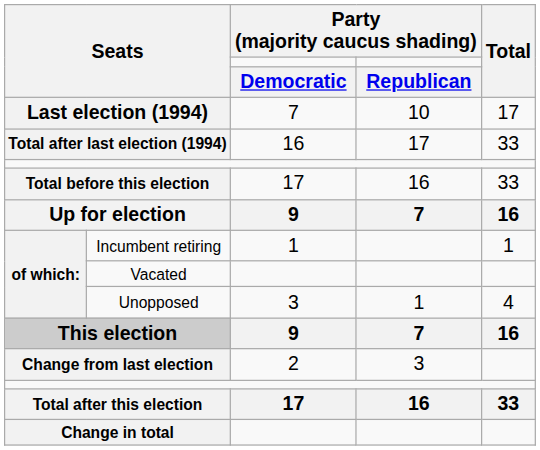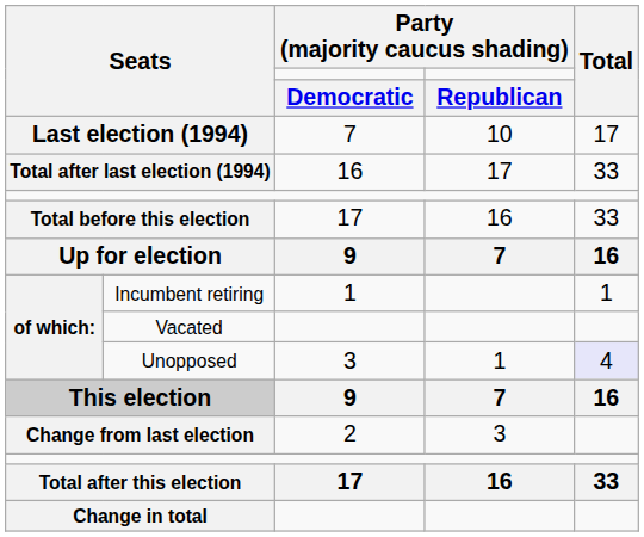 <table class="wikitable" style="text-align:center">
 <tr>
 <th colspan="2" rowspan="3">Seats</th>
 <th colspan="2">Party<div>(majority caucus shading)</div></th>
 <th rowspan="3">Total</th>
 </tr>
 <tr style="height:5px">
 <td style="background-color:"></td>
 <td style="background-color:"></td>
 </tr>
 <tr>
 <th><a href='#'>Democratic</a></th>
 <th><a href='#'>Republican</a></th>
 </tr>
 <tr>
 <th colspan="2" nowrap="">Last election (1994)</th>
 <td>7</td>
 <td>10</td>
 <td>17</td>
 </tr>
 <tr>
 <th colspan="2" nowrap="" style="font-size:80%">Total after last election (1994)</th>
 <td>16</td>
 <td>17</td>
 <td>33</td>
 </tr>
 <tr>
 <td colspan="5"></td>
 </tr>
 <tr>
 <th colspan="2" nowrap="" style="font-size:80%">Total before this election</th>
 <td>17</td>
 <td>16</td>
 <td>33</td>
 </tr>
 <tr>
 <th colspan="2">Up for election</th>
 <th>9</th>
 <th>7</th>
 <th>16</th>
 </tr>
 <tr>
 <th rowspan="3" style="font-size:80%">of which:</th>
 <td nowrap="" style="font-size:80%">Incumbent retiring</td>
 <td>1</td>
 <td></td>
 <td>1</td>
 </tr>
 <tr>
 <td nowrap="" style="font-size:80%">Vacated</td>
 <td></td>
 <td></td>
 <td></td>
 </tr>
 <tr>
 <td nowrap="" style="font-size:80%">Unopposed</td>
 <td>3</td>
 <td>1</td>
-<td>4</td>
+<td style="background: lavender;">4</td>
 </tr>
 <tr>
 <th colspan="2" nowrap="" style="background:#ccc">This election</th>
 <th>9</th>
 <th>7</th>
 <th>16</th>
 </tr>
 <tr>
 <th colspan="2" nowrap="" style="font-size:80%">Change from last election</th>
 <td> 2</td>
 <td> 3</td>
 <td></td>
 </tr>
 <tr>
 <td colspan="5"></td>
 </tr>
 <tr>
 <th colspan="2" nowrap="" style="font-size:80%">Total after this election</th>
 <th>17</th>
 <th>16</th>
 <th>33</th>
 </tr>
 <tr>
 <th colspan="2" nowrap="" style="font-size:80%">Change in total</th>
 <td></td>
 <td></td>
 <td></td>
 </tr>
 </table>
